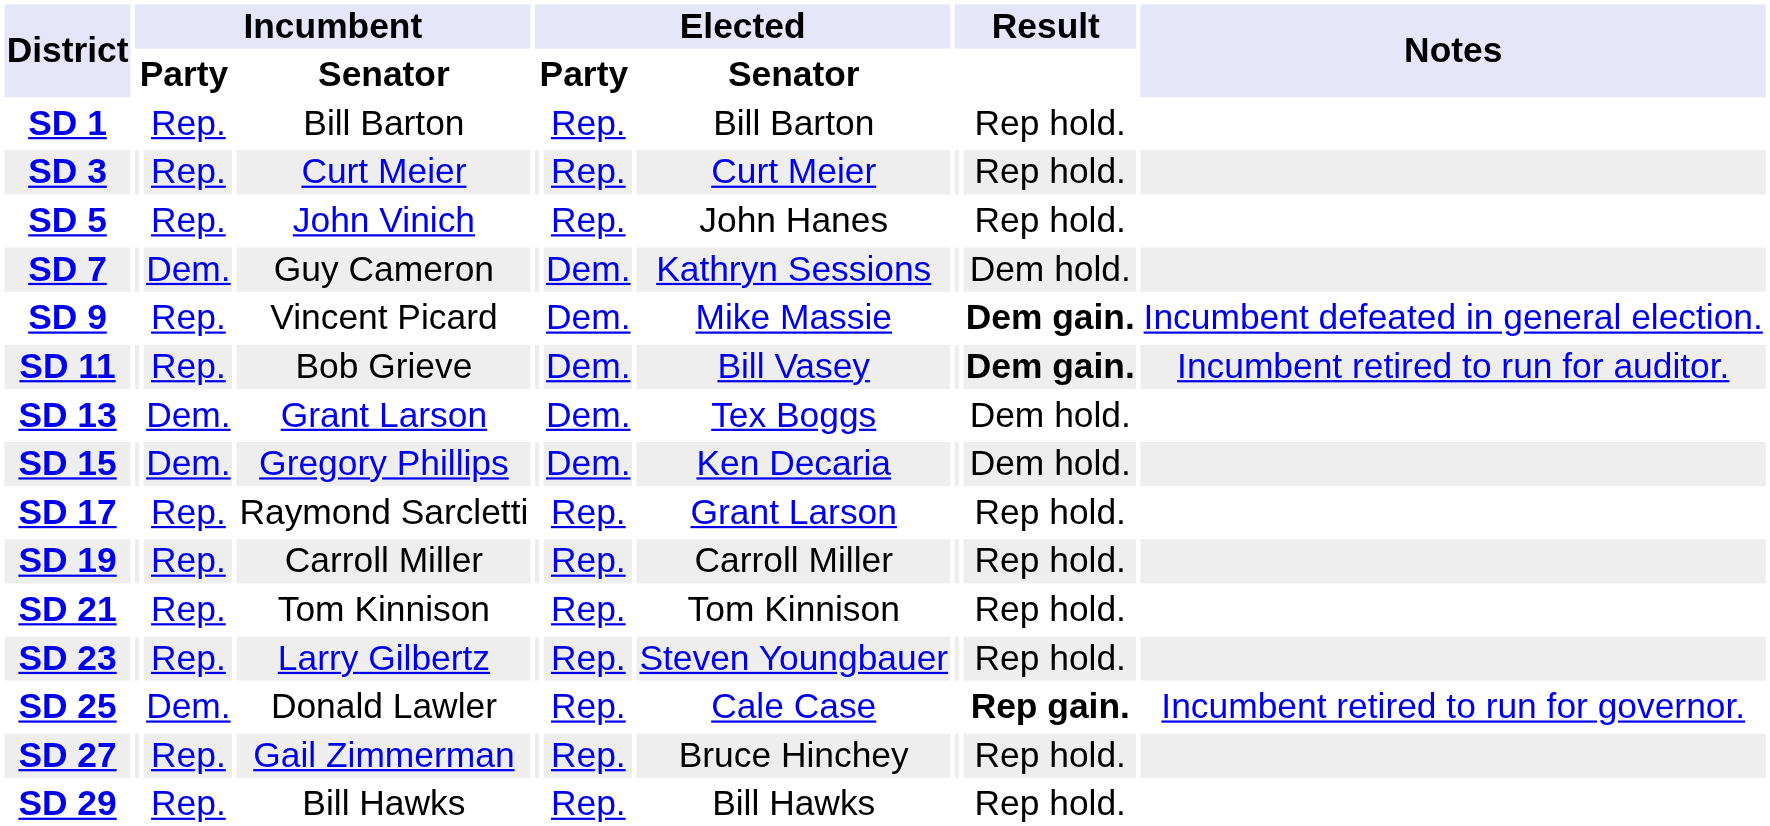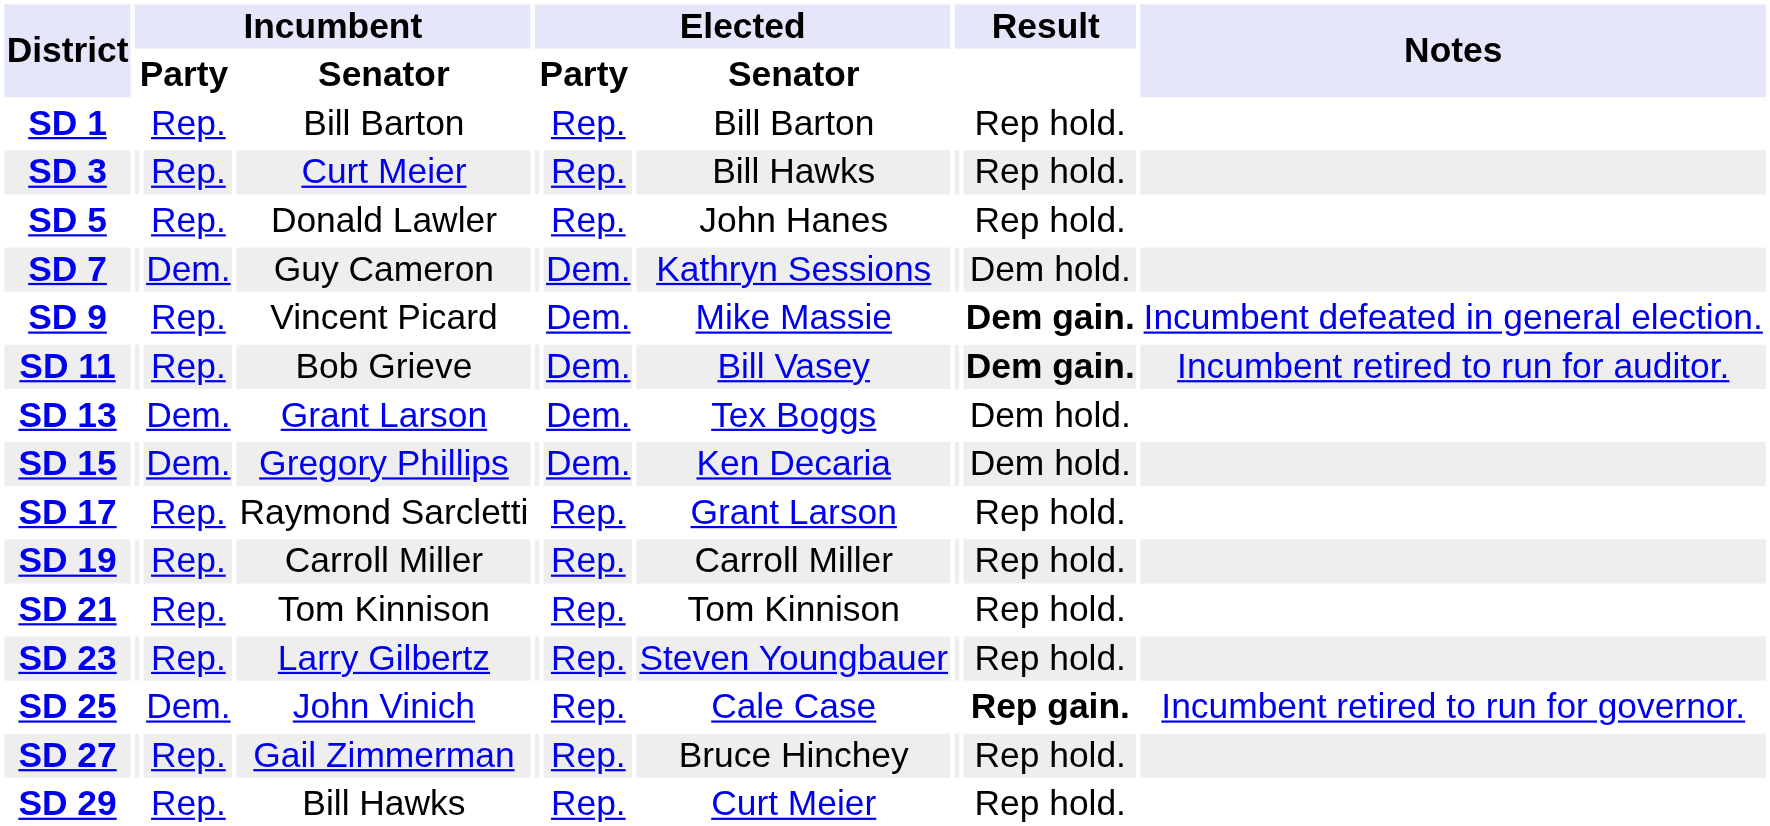 <table class="toccolours sortable" style="text-align:center;">
 <tr style="background:lavender">
 <th rowspan="2">District</th>
 <th colspan=3>Incumbent</th>
 <th colspan=3>Elected</th>
 <th colspan=2>Result</th>
 <th rowspan="2">Notes</th>
 </tr>
 <tr>
 <th colspan=2 align="center">Party</th>
 <th align="center">Senator</th>
 <th colspan=2 align="center">Party</th>
 <th align="center">Senator</th>
 <th colspan=2></th>
 </tr>
 <tr>
 <th><a href='#'>SD 1</a></th>
 <td style="background-color:"></td>
 <td><a href='#'>Rep.</a></td>
 <td>Bill Barton</td>
 <td style="background-color:"></td>
 <td><a href='#'>Rep.</a></td>
 <td>Bill Barton</td>
 <td style="background-color:"></td>
 <td>Rep hold.</td>
 </tr>
 <tr style="background:#EEEEEE;">
 <th><a href='#'>SD 3</a></th>
 <td style="background-color:"></td>
 <td><a href='#'>Rep.</a></td>
 <td><a href='#'>Curt Meier</a></td>
 <td style="background-color:"></td>
 <td><a href='#'>Rep.</a></td>
-<td><a href='#'>Curt Meier</a></td>
+<td>Bill Hawks</td>
 <td style="background-color:"></td>
 <td>Rep hold.</td>
 <td></td>
 </tr>
 <tr>
 <th><a href='#'>SD 5</a></th>
 <td style="background-color:"></td>
 <td><a href='#'>Rep.</a></td>
-<td><a href='#'>John Vinich</a></td>
+<td>Donald Lawler</td>
 <td style="background-color:"></td>
 <td><a href='#'>Rep.</a></td>
 <td>John Hanes</td>
 <td style="background-color:"></td>
 <td>Rep hold.</td>
 <td></td>
 </tr>
 <tr style="background:#EEEEEE;">
 <th><a href='#'>SD 7</a></th>
 <td style="background-color:"></td>
 <td><a href='#'>Dem.</a></td>
 <td>Guy Cameron</td>
 <td style="background-color:"></td>
 <td><a href='#'>Dem.</a></td>
 <td><a href='#'>Kathryn Sessions</a></td>
 <td style="background-color:"></td>
 <td>Dem hold.</td>
 <td></td>
 </tr>
 <tr>
 <th><a href='#'>SD 9</a></th>
 <td style="background-color:"></td>
 <td><a href='#'>Rep.</a></td>
 <td>Vincent Picard</td>
 <td style="background-color:"></td>
 <td><a href='#'>Dem.</a></td>
 <td><a href='#'>Mike Massie</a></td>
 <td style="background-color:"></td>
 <td><strong>Dem gain.</strong></td>
 <td><a href='#'>Incumbent defeated in general election.</a></td>
 </tr>
 <tr style="background:#EEEEEE;">
 <th><a href='#'>SD 11</a></th>
 <td style="background-color:"></td>
 <td><a href='#'>Rep.</a></td>
 <td>Bob Grieve</td>
 <td style="background-color:"></td>
 <td><a href='#'>Dem.</a></td>
 <td><a href='#'>Bill Vasey</a></td>
 <td style="background-color:"></td>
 <td><strong>Dem gain.</strong></td>
 <td><a href='#'>Incumbent retired to run for auditor.</a></td>
 </tr>
 <tr>
 <th><a href='#'>SD 13</a></th>
 <td style="background-color:"></td>
 <td><a href='#'>Dem.</a></td>
 <td><a href='#'>Grant Larson</a></td>
 <td style="background-color:"></td>
 <td><a href='#'>Dem.</a></td>
 <td><a href='#'>Tex Boggs</a></td>
 <td style="background-color:"></td>
 <td>Dem hold.</td>
 <td></td>
 </tr>
 <tr style="background:#EEEEEE;">
 <th><a href='#'>SD 15</a></th>
 <td style="background-color:"></td>
 <td><a href='#'>Dem.</a></td>
 <td><a href='#'>Gregory Phillips</a></td>
 <td style="background-color:"></td>
 <td><a href='#'>Dem.</a></td>
 <td><a href='#'>Ken Decaria</a></td>
 <td style="background-color:"></td>
 <td>Dem hold.</td>
 <td></td>
 </tr>
 <tr>
 <th><a href='#'>SD 17</a></th>
 <td style="background-color:"></td>
 <td><a href='#'>Rep.</a></td>
 <td>Raymond Sarcletti</td>
 <td style="background-color:"></td>
 <td><a href='#'>Rep.</a></td>
 <td><a href='#'>Grant Larson</a></td>
 <td style="background-color:"></td>
 <td>Rep hold.</td>
 <td></td>
 </tr>
 <tr style="background:#EEEEEE;">
 <th><a href='#'>SD 19</a></th>
 <td style="background-color:"></td>
 <td><a href='#'>Rep.</a></td>
 <td>Carroll Miller</td>
 <td style="background-color:"></td>
 <td><a href='#'>Rep.</a></td>
 <td>Carroll Miller</td>
 <td style="background-color:"></td>
 <td>Rep hold.</td>
 <td></td>
 </tr>
 <tr>
 <th><a href='#'>SD 21</a></th>
 <td style="background-color:"></td>
 <td><a href='#'>Rep.</a></td>
 <td>Tom Kinnison</td>
 <td style="background-color:"></td>
 <td><a href='#'>Rep.</a></td>
 <td>Tom Kinnison</td>
 <td style="background-color:"></td>
 <td>Rep hold.</td>
 <td></td>
 </tr>
 <tr style="background:#EEEEEE;">
 <th><a href='#'>SD 23</a></th>
 <td style="background-color:"></td>
 <td><a href='#'>Rep.</a></td>
 <td><a href='#'>Larry Gilbertz</a></td>
 <td style="background-color:"></td>
 <td><a href='#'>Rep.</a></td>
 <td><a href='#'>Steven Youngbauer</a></td>
 <td style="background-color:"></td>
 <td>Rep hold.</td>
 <td></td>
 </tr>
 <tr>
 <th><a href='#'>SD 25</a></th>
 <td style="background-color:"></td>
 <td><a href='#'>Dem.</a></td>
-<td>Donald Lawler</td>
+<td><a href='#'>John Vinich</a></td>
 <td style="background-color:"></td>
 <td><a href='#'>Rep.</a></td>
 <td><a href='#'>Cale Case</a></td>
 <td style="background-color:"></td>
 <td><strong>Rep gain.</strong></td>
 <td><a href='#'>Incumbent retired to run for governor.</a></td>
 </tr>
 <tr style="background:#EEEEEE;">
 <th><a href='#'>SD 27</a></th>
 <td style="background-color:"></td>
 <td><a href='#'>Rep.</a></td>
 <td><a href='#'>Gail Zimmerman</a></td>
 <td style="background-color:"></td>
 <td><a href='#'>Rep.</a></td>
 <td>Bruce Hinchey</td>
 <td style="background-color:"></td>
 <td>Rep hold.</td>
 <td></td>
 </tr>
 <tr>
 <th><a href='#'>SD 29</a></th>
 <td style="background-color:"></td>
 <td><a href='#'>Rep.</a></td>
 <td>Bill Hawks</td>
 <td style="background-color:"></td>
 <td><a href='#'>Rep.</a></td>
-<td>Bill Hawks</td>
+<td><a href='#'>Curt Meier</a></td>
 <td style="background-color:"></td>
 <td>Rep hold.</td>
 </tr>
 </table>
